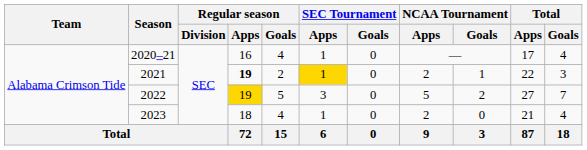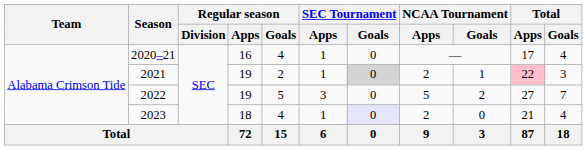 <table class="wikitable" style="text-align: center;">
 <tr>
 <th rowspan="2">Team</th>
 <th rowspan="2">Season</th>
 <th colspan="3">Regular season</th>
 <th colspan="2"><a href='#'>SEC Tournament</a></th>
 <th colspan="2">NCAA Tournament</th>
 <th colspan="2">Total</th>
 </tr>
 <tr>
 <th>Division</th>
 <th>Apps</th>
 <th>Goals</th>
 <th>Apps</th>
 <th>Goals</th>
 <th>Apps</th>
 <th>Goals</th>
 <th>Apps</th>
 <th>Goals</th>
 </tr>
 <tr>
 <td rowspan="4"><a href='#'>Alabama Crimson Tide</a></td>
 <td>2020<a href='#'>–</a>21</td>
 <td rowspan="4"><a href='#'>SEC</a></td>
 <td>16</td>
 <td>4</td>
 <td>1</td>
 <td>0</td>
 <td colspan="2">—</td>
 <td>17</td>
 <td>4</td>
 </tr>
 <tr>
 <td>2021</td>
-<td><strong>19</strong></td>
-<td>2</td>
-<td style="background: gold;">1</td>
-<td>0</td>
+<td>19</td>
 <td>2</td>
 <td>1</td>
-<td>22</td>
+<td style="background: lightgrey;">0</td>
+<td>2</td>
+<td>1</td>
+<td style="background: pink;">22</td>
 <td>3</td>
 </tr>
 <tr>
 <td>2022</td>
-<td style="background: gold;">19</td>
+<td>19</td>
 <td>5</td>
 <td>3</td>
 <td>0</td>
 <td>5</td>
 <td>2</td>
 <td>27</td>
 <td>7</td>
 </tr>
 <tr>
 <td>2023</td>
 <td>18</td>
 <td>4</td>
 <td>1</td>
-<td>0</td>
+<td style="background: lavender;">0</td>
 <td>2</td>
 <td>0</td>
 <td>21</td>
 <td>4</td>
 </tr>
 <tr>
 <th colspan="3">Total</th>
 <th>72</th>
 <th>15</th>
 <th>6</th>
 <th>0</th>
 <th>9</th>
 <th>3</th>
 <th>87</th>
 <th>18</th>
 </tr>
 </table>
